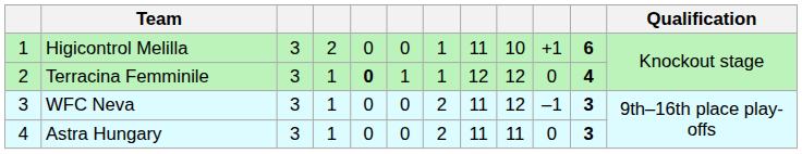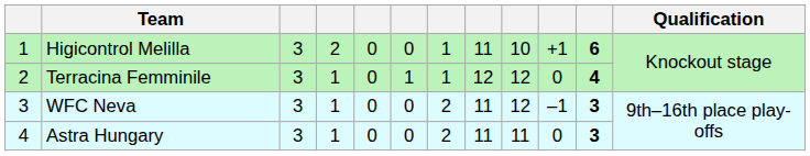 <table class="wikitable" style="font-size: 100%">
 <tr>
 <th width="25"></th>
 <th width="200">Team</th>
 <th width="25"></th>
 <th width="25"></th>
 <th width="25"></th>
 <th width="25"></th>
 <th width="25"></th>
 <th width="25"></th>
 <th width="25"></th>
 <th width="25"></th>
 <th width="25"></th>
 <th width="160">Qualification</th>
 </tr>
 <tr align=center bgcolor=#bbf3bb>
 <td>1</td>
 <td align=left> Higicontrol Melilla</td>
 <td>3</td>
 <td>2</td>
 <td>0</td>
 <td>0</td>
 <td>1</td>
 <td>11</td>
 <td>10</td>
 <td>+1</td>
 <td><strong>6</strong></td>
 <td rowspan=2>Knockout stage</td>
 </tr>
 <tr align=center bgcolor=#bbf3bb>
 <td>2</td>
 <td align=left> Terracina Femminile</td>
 <td>3</td>
 <td>1</td>
-<td><strong>0</strong></td>
+<td>0</td>
 <td>1</td>
 <td>1</td>
 <td>12</td>
 <td>12</td>
 <td>0</td>
 <td><strong>4</strong></td>
 </tr>
 <tr align=center bgcolor=#ddfcff>
 <td>3</td>
 <td align=left> WFC Neva</td>
 <td>3</td>
 <td>1</td>
 <td>0</td>
 <td>0</td>
 <td>2</td>
 <td>11</td>
 <td>12</td>
 <td>–1</td>
 <td><strong>3</strong></td>
 <td rowspan=2>9th–16th place play-offs</td>
 </tr>
 <tr align=center bgcolor=#ddfcff>
 <td>4</td>
 <td align=left> Astra Hungary</td>
 <td>3</td>
 <td>1</td>
 <td>0</td>
 <td>0</td>
 <td>2</td>
 <td>11</td>
 <td>11</td>
 <td>0</td>
 <td><strong>3</strong></td>
 </tr>
 </table>
